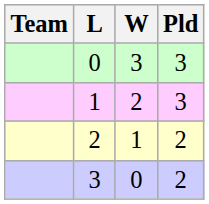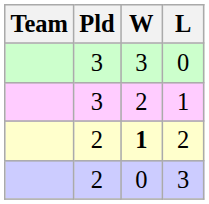 <table class="wikitable" style="text-align:center">
 <tr>
 <th width="20">Team</th>
+<th width="20">Pld</th>
+<th width="20">W</th>
 <th width="20">L</th>
-<th width="20">W</th>
-<th width="20">Pld</th>
 </tr>
 <tr style="background:#cfc">
 <td align=left></td>
-<td>0</td>
 <td>3</td>
 <td>3</td>
+<td>0</td>
 </tr>
 <tr style="background:#ffccff">
 <td align=left></td>
+<td>3</td>
+<td>2</td>
 <td>1</td>
-<td>2</td>
-<td>3</td>
 </tr>
 <tr style="background:#ffc">
 <td align=left></td>
 <td>2</td>
-<td>1</td>
+<td><strong>1</strong></td>
 <td>2</td>
 </tr>
 <tr bgcolor=ccccff>
 <td align=left></td>
+<td>2</td>
+<td>0</td>
 <td>3</td>
-<td>0</td>
-<td>2</td>
 </tr>
 </table>
